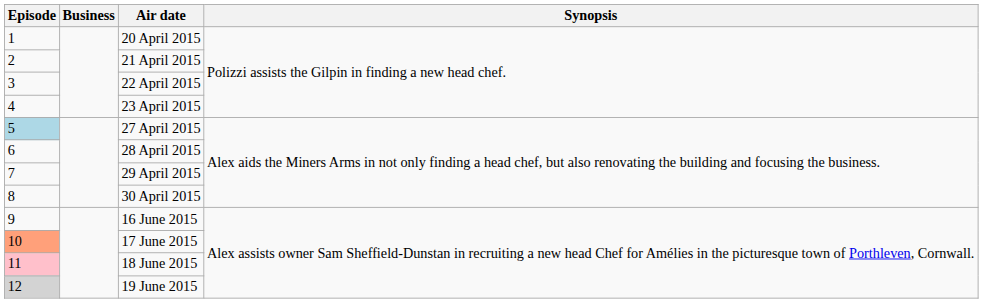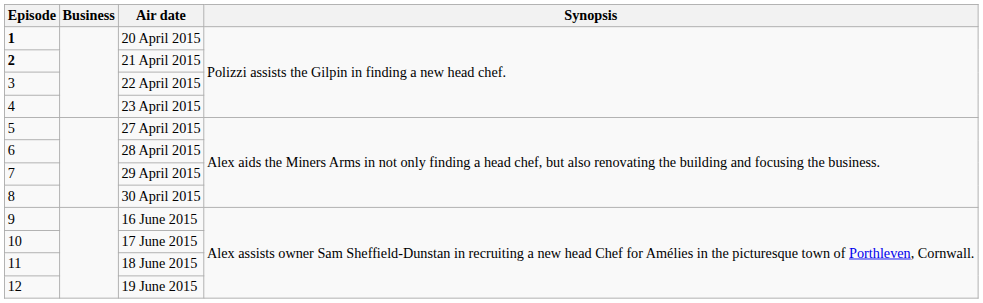 <table class="wikitable">
 <tr>
 <th>Episode</th>
 <th>Business</th>
 <th>Air date</th>
 <th>Synopsis</th>
 </tr>
 <tr>
-<td>1</td>
+<td><strong>1</strong></td>
 <td rowspan="4"></td>
 <td>20 April 2015</td>
 <td rowspan="4">Polizzi assists the Gilpin in finding a new head chef.</td>
 </tr>
 <tr>
-<td>2</td>
+<td><strong>2</strong></td>
 <td>21 April 2015</td>
 </tr>
 <tr>
 <td>3</td>
 <td>22 April 2015</td>
 </tr>
 <tr>
 <td>4</td>
 <td>23 April 2015</td>
 </tr>
 <tr>
-<td style="background: lightblue;">5</td>
+<td>5</td>
 <td rowspan="4"></td>
 <td>27 April 2015</td>
 <td rowspan="4">Alex aids the Miners Arms in not only finding a head chef, but also renovating the building and focusing the business.</td>
 </tr>
 <tr>
 <td>6</td>
 <td>28 April 2015</td>
 </tr>
 <tr>
 <td>7</td>
 <td>29 April 2015</td>
 </tr>
 <tr>
 <td>8</td>
 <td>30 April 2015</td>
 </tr>
 <tr>
 <td>9</td>
 <td rowspan="4"></td>
 <td>16 June 2015</td>
 <td rowspan="4">Alex assists owner Sam Sheffield-Dunstan in recruiting a new head Chef for Amélies in the picturesque town of <a href='#'>Porthleven</a>, Cornwall.</td>
 </tr>
 <tr>
-<td style="background: lightsalmon;">10</td>
+<td>10</td>
 <td>17 June 2015</td>
 </tr>
 <tr>
-<td style="background: pink;">11</td>
+<td>11</td>
 <td>18 June 2015</td>
 </tr>
 <tr>
-<td style="background: lightgrey;">12</td>
+<td>12</td>
 <td>19 June 2015</td>
 </tr>
 </table>
